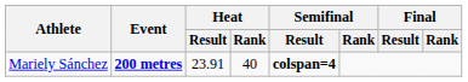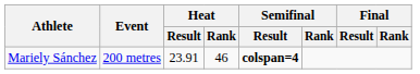 <table class=wikitable style=font-size:90%>
 <tr>
 <th rowspan=2>Athlete</th>
 <th rowspan=2>Event</th>
 <th colspan=2>Heat</th>
 <th colspan=2>Semifinal</th>
 <th colspan=2>Final</th>
 </tr>
 <tr style=font-size:95%>
 <th>Result</th>
 <th>Rank</th>
 <th>Result</th>
 <th>Rank</th>
 <th>Result</th>
 <th>Rank</th>
 </tr>
 <tr align=center>
 <td align=left><a href='#'>Mariely Sánchez</a></td>
-<td align=left><strong><a href='#'>200 metres</a></strong></td>
+<td align=left><a href='#'>200 metres</a></td>
 <td>23.91</td>
-<td>40</td>
+<td>46</td>
 <td><strong>colspan=4 </strong></td>
 </tr>
 </table>
